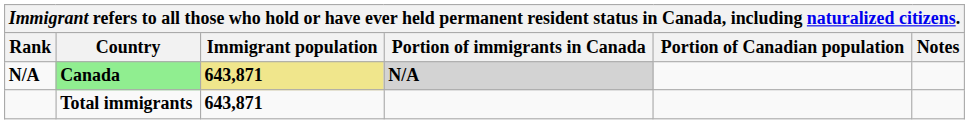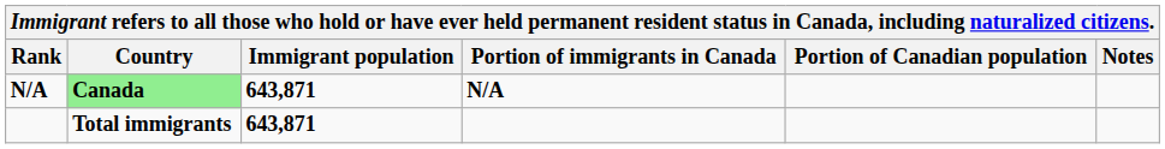 <table class="wikitable sortable">
 <tr>
 <th colspan="6"><em>Immigrant</em> refers to all those who hold or have ever held permanent resident status in Canada, including <a href='#'>naturalized citizens</a>.</th>
 </tr>
 <tr>
 <th>Rank</th>
 <th>Country</th>
 <th>Immigrant population</th>
 <th>Portion of immigrants in Canada</th>
 <th>Portion of Canadian population</th>
 <th>Notes</th>
 </tr>
 <tr>
 <td><strong>N/A</strong></td>
 <td style="background: lightgreen;"><strong>Canada</strong></td>
-<td style="background: khaki;"><strong>643,871</strong></td>
-<td style="background: lightgrey;"><strong>N/A</strong></td>
+<td><strong>643,871</strong></td>
+<td><strong>N/A</strong></td>
 <td><strong></strong></td>
 <td></td>
 </tr>
 <tr>
 <td></td>
 <td><strong>Total immigrants</strong></td>
 <td><strong>643,871</strong></td>
 <td><strong></strong></td>
 <td><strong></strong></td>
 </tr>
 </table>
